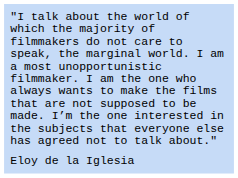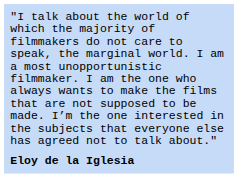 <table class="toccolours" style="float: right; margin-left: 0em; margin-right: 1em; font-size: 85%; background:#c6dbf7; color:black; width:20em; max-width:40%" cellspacing="5">
 <tr>
 <td align="left">"I talk about the world of which the majority of filmmakers do not care to speak, the marginal world. I am a most unopportunistic filmmaker. I am the one who always wants to make the films that are not supposed to be made. I’m the one interested in the subjects that everyone else has agreed not to talk about."</td>
 </tr>
 <tr>
-<td align="left">Eloy de la Iglesia</td>
+<td align="left"><strong>Eloy de la Iglesia</strong></td>
 </tr>
 </table>
